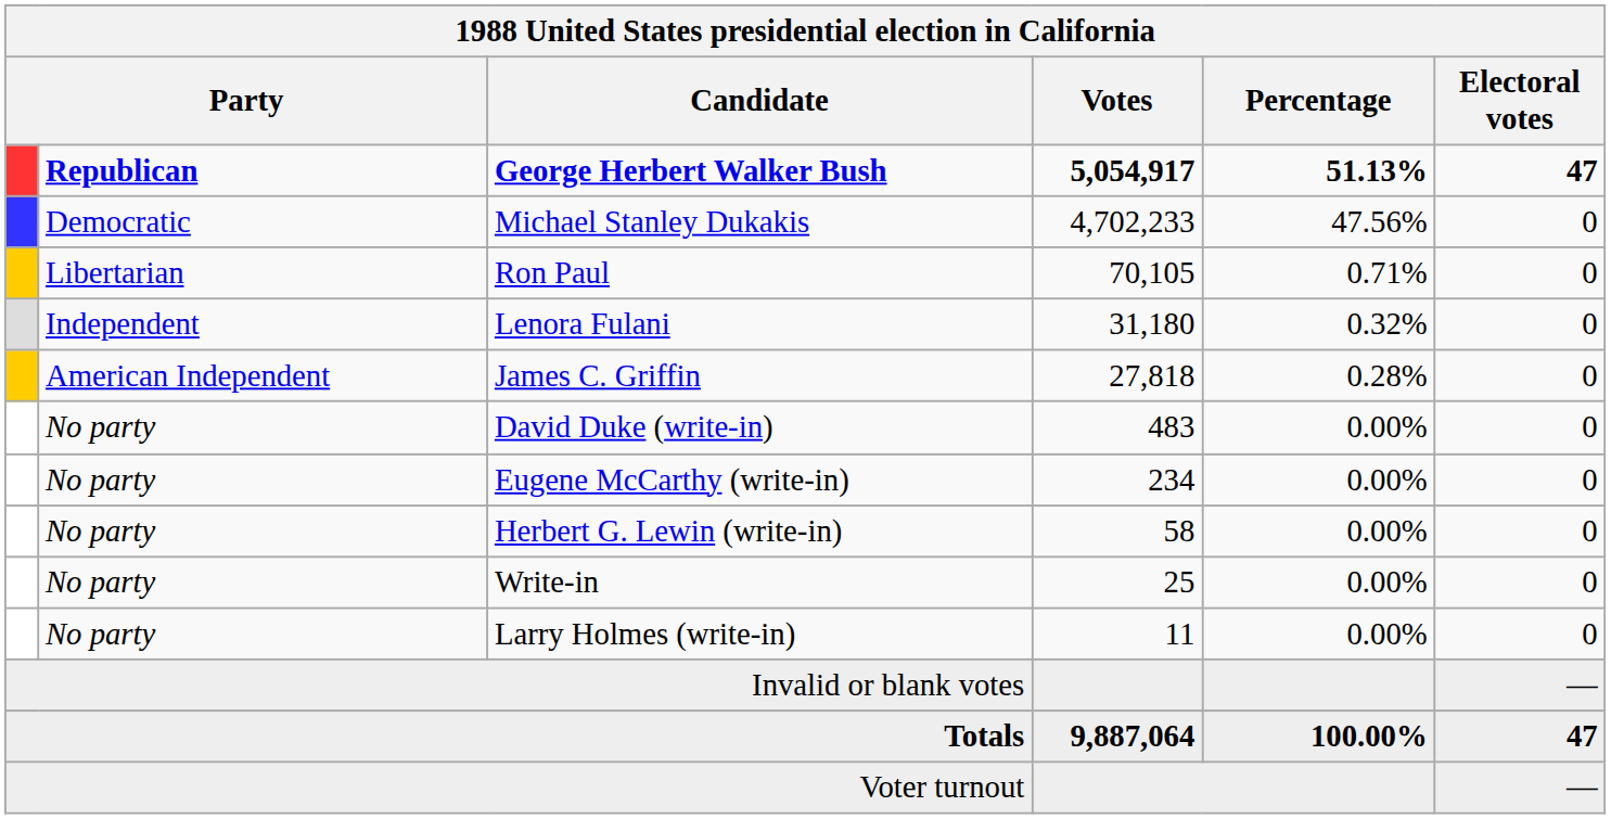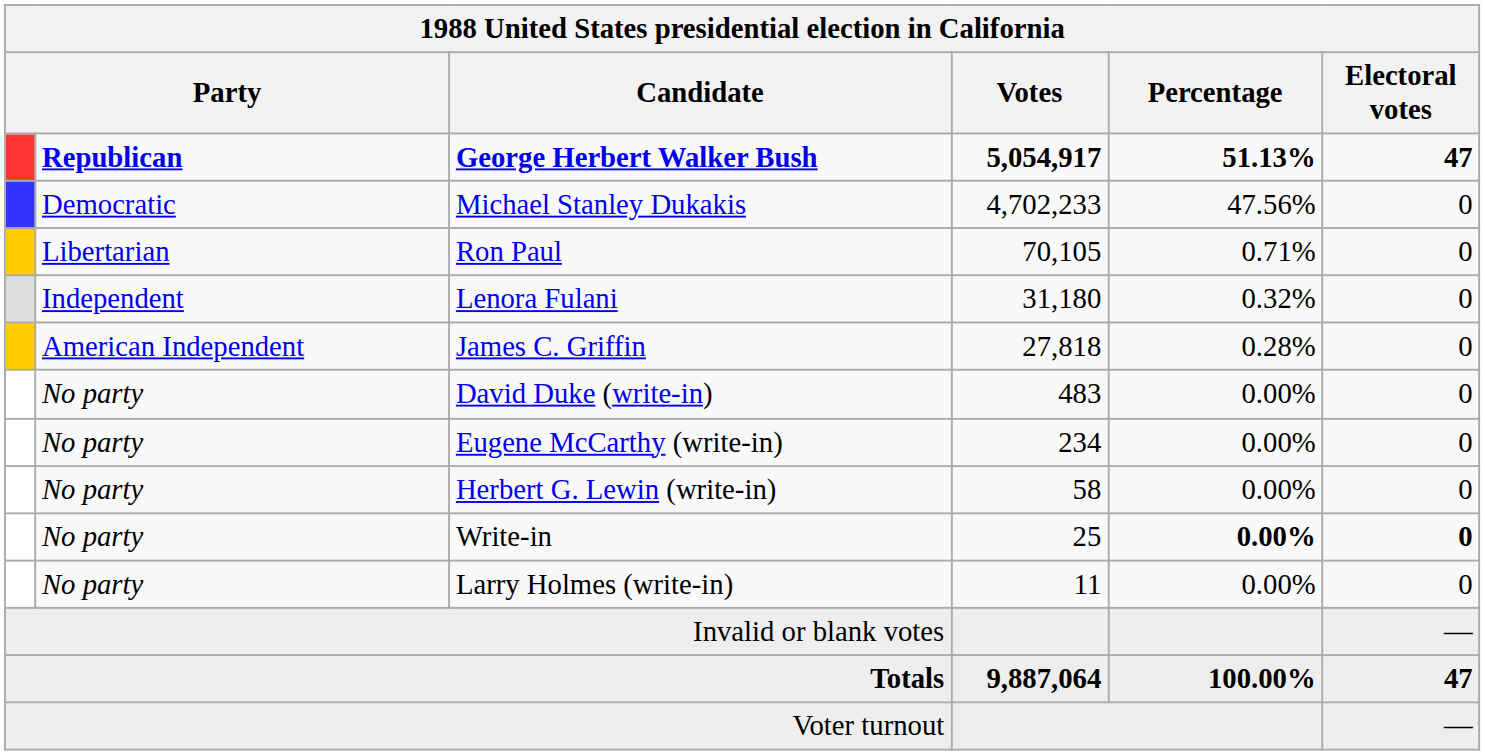 <table class="wikitable" style="font-size: 95%;">
 <tr>
 <th colspan="6">1988 United States presidential election in California</th>
 </tr>
 <tr>
 <th colspan="2" style="width: 15em">Party</th>
 <th style="width: 17em">Candidate</th>
 <th style="width: 5em">Votes</th>
 <th style="width: 7em">Percentage</th>
 <th style="width: 5em">Electoral votes</th>
 </tr>
 <tr>
 <th style="background-color:#FF3333; width: 3px"></th>
 <td style="width: 130px"><strong><a href='#'>Republican</a></strong></td>
 <td><strong><a href='#'>George Herbert Walker Bush</a></strong></td>
 <td align="right"><strong>5,054,917</strong></td>
 <td align="right"><strong>51.13%</strong></td>
 <td align="right"><strong>47</strong></td>
 </tr>
 <tr>
 <th style="background-color:#3333FF; width: 3px"></th>
 <td style="width: 130px"><a href='#'>Democratic</a></td>
 <td><a href='#'>Michael Stanley Dukakis</a></td>
 <td align="right">4,702,233</td>
 <td align="right">47.56%</td>
 <td align="right">0</td>
 </tr>
 <tr>
 <th style="background-color:#FFCC00; width: 3px"></th>
 <td style="width: 130px"><a href='#'>Libertarian</a></td>
 <td><a href='#'>Ron Paul</a></td>
 <td align="right">70,105</td>
 <td align="right">0.71%</td>
 <td align="right">0</td>
 </tr>
 <tr>
 <th style="background-color:#DDDDDD; width: 3px"></th>
 <td style="width: 130px"><a href='#'>Independent</a></td>
 <td><a href='#'>Lenora Fulani</a></td>
 <td align="right">31,180</td>
 <td align="right">0.32%</td>
 <td align="right">0</td>
 </tr>
 <tr>
 <th style="background-color:#FFCC00; width: 3px"></th>
 <td style="width: 130px"><a href='#'>American Independent</a></td>
 <td><a href='#'>James C. Griffin</a></td>
 <td align="right">27,818</td>
 <td align="right">0.28%</td>
 <td align="right">0</td>
 </tr>
 <tr>
 <th style="background-color:#FFFFFF; width: 3px"></th>
 <td style="width: 130px"><em>No party</em></td>
 <td><a href='#'>David Duke</a> (<a href='#'>write-in</a>)</td>
 <td align="right">483</td>
 <td align="right">0.00%</td>
 <td align="right">0</td>
 </tr>
 <tr>
 <th style="background-color:#FFFFFF; width: 3px"></th>
 <td style="width: 130px"><em>No party</em></td>
 <td><a href='#'>Eugene McCarthy</a> (write-in)</td>
 <td align="right">234</td>
 <td align="right">0.00%</td>
 <td align="right">0</td>
 </tr>
 <tr>
 <th style="background-color:#FFFFFF; width: 3px"></th>
 <td style="width: 130px"><em>No party</em></td>
 <td><a href='#'>Herbert G. Lewin</a> (write-in)</td>
 <td align="right">58</td>
 <td align="right">0.00%</td>
 <td align="right">0</td>
 </tr>
 <tr>
 <th style="background-color:#FFFFFF; width: 3px"></th>
 <td style="width: 130px"><em>No party</em></td>
 <td>Write-in</td>
 <td align="right">25</td>
-<td align="right">0.00%</td>
-<td align="right">0</td>
+<td align="right"><strong>0.00%</strong></td>
+<td align="right"><strong>0</strong></td>
 </tr>
 <tr>
 <th style="background-color:#FFFFFF; width: 3px"></th>
 <td style="width: 130px"><em>No party</em></td>
 <td>Larry Holmes (write-in)</td>
 <td align="right">11</td>
 <td align="right">0.00%</td>
 <td align="right">0</td>
 </tr>
 <tr bgcolor="#EEEEEE">
 <td colspan="3" align="right">Invalid or blank votes</td>
 <td align="right"></td>
 <td align="right"></td>
 <td align="right">—</td>
 </tr>
 <tr bgcolor="#EEEEEE">
 <td colspan="3" align="right"><strong>Totals</strong></td>
 <td align="right"><strong>9,887,064</strong></td>
 <td align="right"><strong>100.00%</strong></td>
 <td align="right"><strong>47</strong></td>
 </tr>
 <tr bgcolor="#EEEEEE">
 <td colspan="3" align="right">Voter turnout</td>
 <td colspan="2" align="right"></td>
 <td align="right">—</td>
 </tr>
 </table>
